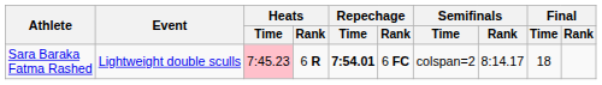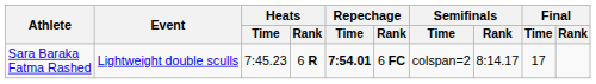 <table class="wikitable" style="font-size:90%">
 <tr>
 <th scope="col" rowspan="2">Athlete</th>
 <th scope="col" rowspan="2">Event</th>
 <th scope="col" colspan="2">Heats</th>
 <th scope="col" colspan="2">Repechage</th>
 <th scope="col" colspan="2">Semifinals</th>
 <th scope="col" colspan="2">Final</th>
 </tr>
 <tr style="font-size:95%">
 <th scope="col">Time</th>
 <th scope="col">Rank</th>
 <th scope="col">Time</th>
 <th scope="col">Rank</th>
 <th scope="col">Time</th>
 <th scope="col">Rank</th>
 <th scope="col">Time</th>
 <th scope="col">Rank</th>
 </tr>
 <tr align=center>
 <td align=left><a href='#'>Sara Baraka</a><br><a href='#'>Fatma Rashed</a></td>
 <td align=left><a href='#'>Lightweight double sculls</a></td>
-<td style="background: pink;">7:45.23</td>
+<td>7:45.23</td>
 <td>6 <strong>R</strong></td>
 <td><strong>7:54.01</strong></td>
 <td>6 <strong>FC</strong></td>
 <td>colspan=2 </td>
 <td>8:14.17</td>
-<td>18</td>
+<td>17</td>
 </tr>
 </table>
